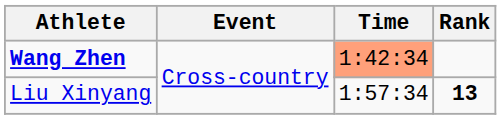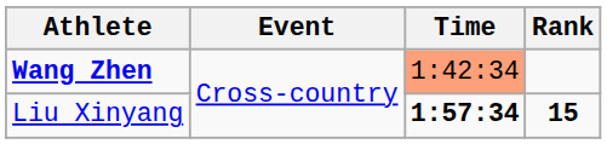 <table class="wikitable"  style="font-size:90%; display:inline-table;">
 <tr>
 <th>Athlete</th>
 <th>Event</th>
 <th>Time</th>
 <th>Rank</th>
 </tr>
 <tr>
 <td><strong><a href='#'>Wang Zhen</a></strong></td>
 <td rowspan=2><a href='#'>Cross-country</a></td>
 <td align=center style="background: lightsalmon;">1:42:34</td>
 <td align=center></td>
 </tr>
 <tr>
 <td><a href='#'>Liu Xinyang</a></td>
-<td align=center>1:57:34</td>
-<td align=center><strong>13</strong></td>
+<td align=center><strong>1:57:34</strong></td>
+<td align=center><strong>15</strong></td>
 </tr>
 </table>
